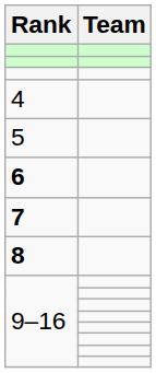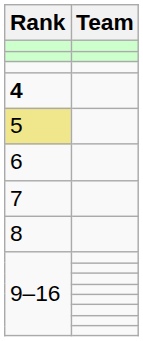 <table class="wikitable">
 <tr>
 <th>Rank</th>
 <th>Team</th>
 </tr>
 <tr bgcolor="#ccffcc">
 <td></td>
 <td></td>
 </tr>
 <tr bgcolor="#ccffcc">
 <td></td>
 <td></td>
 </tr>
 <tr>
 <td></td>
 <td></td>
 </tr>
 <tr>
-<td>4</td>
+<td><strong>4</strong></td>
 <td></td>
 </tr>
 <tr>
-<td>5</td>
+<td style="background: khaki;">5</td>
 <td></td>
 </tr>
 <tr>
-<td><strong>6</strong></td>
+<td>6</td>
 <td></td>
 </tr>
 <tr>
-<td><strong>7</strong></td>
+<td>7</td>
 <td></td>
 </tr>
 <tr>
-<td><strong>8</strong></td>
+<td>8</td>
 <td></td>
 </tr>
 <tr>
 <td rowspan=8>9–16</td>
 <td></td>
 </tr>
 <tr>
 <td></td>
 </tr>
 <tr>
 <td></td>
 </tr>
 <tr>
 <td></td>
 </tr>
 <tr>
 <td></td>
 </tr>
 <tr>
 <td></td>
 </tr>
 <tr>
 <td></td>
 </tr>
 <tr>
 <td></td>
 </tr>
 </table>
